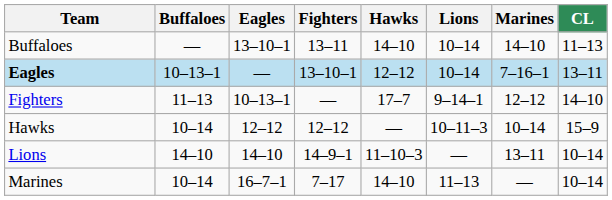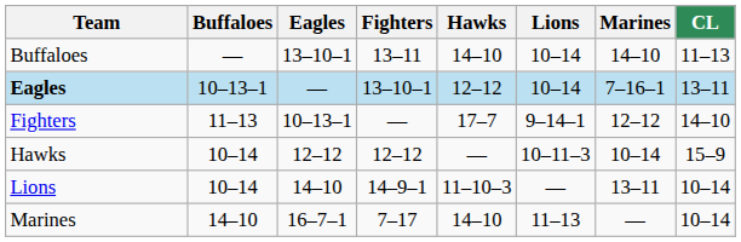 <table class="wikitable" style="font-size:95%; text-align:center;">
 <tr>
 <th width="25%">Team</th>
 <th>Buffaloes</th>
 <th>Eagles</th>
 <th>Fighters</th>
 <th>Hawks</th>
 <th>Lions</th>
 <th>Marines</th>
 <th style="background:#2e8b57; color:white;">CL</th>
 </tr>
 <tr>
 <td style="text-align:left;">Buffaloes</td>
 <td>—</td>
 <td>13–10–1</td>
 <td>13–11</td>
 <td>14–10</td>
 <td>10–14</td>
 <td>14–10</td>
 <td>11–13</td>
 </tr>
 <tr style="background: #bbe0f1">
 <td style="text-align:left;"><strong>Eagles</strong></td>
 <td>10–13–1</td>
 <td>—</td>
 <td>13–10–1</td>
 <td>12–12</td>
 <td>10–14</td>
 <td>7–16–1</td>
 <td>13–11</td>
 </tr>
 <tr>
 <td style="text-align:left;"><a href='#'>Fighters</a></td>
 <td>11–13</td>
 <td>10–13–1</td>
 <td>—</td>
 <td>17–7</td>
 <td>9–14–1</td>
 <td>12–12</td>
 <td>14–10</td>
 </tr>
 <tr>
 <td style="text-align:left;">Hawks</td>
 <td>10–14</td>
 <td>12–12</td>
 <td>12–12</td>
 <td>—</td>
 <td>10–11–3</td>
 <td>10–14</td>
 <td>15–9</td>
 </tr>
 <tr>
 <td style="text-align:left;"><a href='#'>Lions</a></td>
-<td>14–10</td>
+<td>10–14</td>
 <td>14–10</td>
 <td>14–9–1</td>
 <td>11–10–3</td>
 <td>—</td>
 <td>13–11</td>
 <td>10–14</td>
 </tr>
 <tr>
 <td style="text-align:left;">Marines</td>
-<td>10–14</td>
+<td>14–10</td>
 <td>16–7–1</td>
 <td>7–17</td>
 <td>14–10</td>
 <td>11–13</td>
 <td>—</td>
 <td>10–14</td>
 </tr>
 </table>
